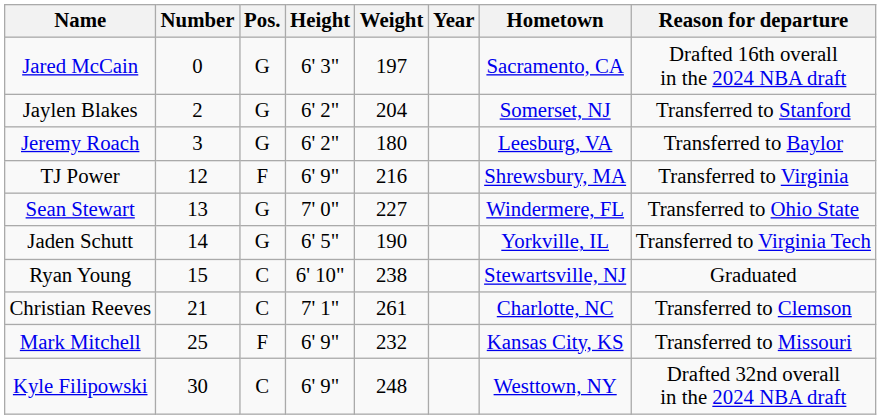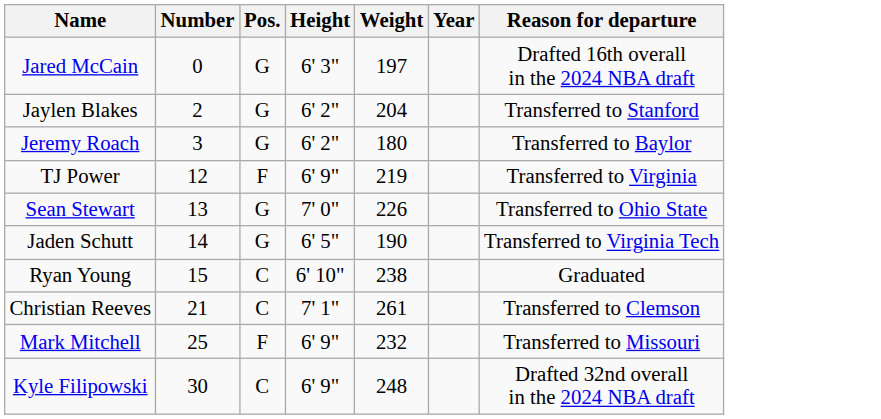 <table class="wikitable sortable" style="text-align: center">
 <tr align=center>
 <th>Name</th>
 <th>Number</th>
 <th>Pos.</th>
 <th>Height</th>
 <th>Weight</th>
 <th>Year</th>
-<th>Hometown</th>
 <th>Reason for departure</th>
 </tr>
 <tr>
 <td><a href='#'>Jared McCain</a></td>
 <td>0</td>
 <td>G</td>
 <td>6' 3"</td>
 <td>197</td>
 <td></td>
-<td><a href='#'>Sacramento, CA</a></td>
 <td>Drafted 16th overall<br>in the <a href='#'>2024 NBA draft</a></td>
 </tr>
 <tr>
 <td>Jaylen Blakes</td>
 <td>2</td>
 <td>G</td>
 <td>6' 2"</td>
 <td>204</td>
 <td></td>
-<td><a href='#'>Somerset, NJ</a></td>
 <td>Transferred to <a href='#'>Stanford</a></td>
 </tr>
 <tr>
 <td><a href='#'>Jeremy Roach</a></td>
 <td>3</td>
 <td>G</td>
 <td>6' 2"</td>
 <td>180</td>
 <td></td>
-<td><a href='#'>Leesburg, VA</a></td>
 <td>Transferred to <a href='#'>Baylor</a></td>
 </tr>
 <tr>
 <td>TJ Power</td>
 <td>12</td>
 <td>F</td>
 <td>6' 9"</td>
-<td>216</td>
+<td>219</td>
 <td></td>
-<td><a href='#'>Shrewsbury, MA</a></td>
 <td>Transferred to <a href='#'>Virginia</a></td>
 </tr>
 <tr>
 <td><a href='#'>Sean Stewart</a></td>
 <td>13</td>
 <td>G</td>
 <td>7' 0"</td>
-<td>227</td>
+<td>226</td>
 <td></td>
-<td><a href='#'>Windermere, FL</a></td>
 <td>Transferred to <a href='#'>Ohio State</a></td>
 </tr>
 <tr>
 <td>Jaden Schutt</td>
 <td>14</td>
 <td>G</td>
 <td>6' 5"</td>
 <td>190</td>
 <td></td>
-<td><a href='#'>Yorkville, IL</a></td>
 <td>Transferred to <a href='#'>Virginia Tech</a></td>
 </tr>
 <tr>
 <td>Ryan Young</td>
 <td>15</td>
 <td>C</td>
 <td>6' 10"</td>
 <td>238</td>
 <td></td>
-<td><a href='#'>Stewartsville, NJ</a></td>
 <td>Graduated</td>
 </tr>
 <tr>
 <td>Christian Reeves</td>
 <td>21</td>
 <td>C</td>
 <td>7' 1"</td>
 <td>261</td>
 <td></td>
-<td><a href='#'>Charlotte, NC</a></td>
 <td>Transferred to <a href='#'>Clemson</a></td>
 </tr>
 <tr>
 <td><a href='#'>Mark Mitchell</a></td>
 <td>25</td>
 <td>F</td>
 <td>6' 9"</td>
 <td>232</td>
 <td></td>
-<td><a href='#'>Kansas City, KS</a></td>
 <td>Transferred to <a href='#'>Missouri</a></td>
 </tr>
 <tr>
 <td><a href='#'>Kyle Filipowski</a></td>
 <td>30</td>
 <td>C</td>
 <td>6' 9"</td>
 <td>248</td>
 <td></td>
-<td><a href='#'>Westtown, NY</a></td>
 <td>Drafted 32nd overall<br>in the <a href='#'>2024 NBA draft</a></td>
 </tr>
 </table>
